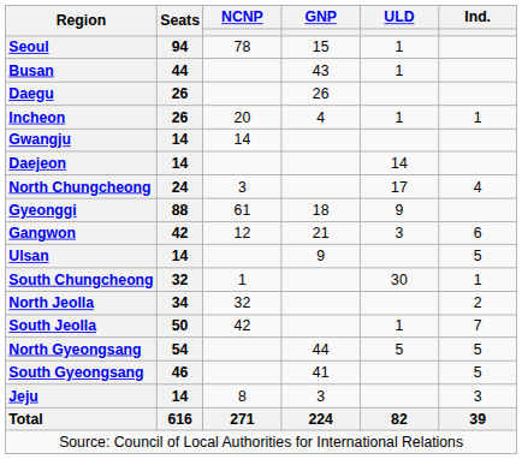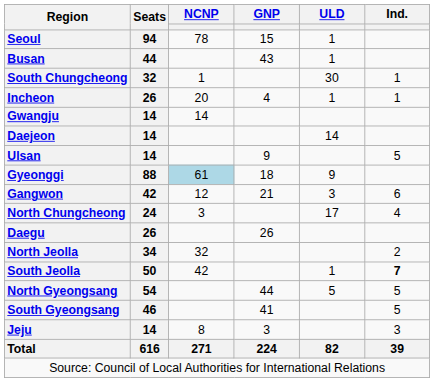 <table class="wikitable" style="text-align:center; font-size: 0.9em;">
 <tr>
 <th rowspan="2">Region</th>
 <th rowspan="2">Seats</th>
 <th class="unsortable" style="width:70px;"><a href='#'>NCNP</a></th>
 <th class="unsortable" style="width:70px;"><a href='#'>GNP</a></th>
 <th class="unsortable" style="width:70px;"><a href='#'>ULD</a></th>
 <th class="unsortable" style="width:70px;">Ind.</th>
 </tr>
 <tr>
 <th style="background:"></th>
 <th style="background:"></th>
 <th style="background:"></th>
 <th style="background:"></th>
 </tr>
 <tr>
 <th style="text-align: left;"><a href='#'>Seoul</a></th>
 <th>94</th>
 <td>78</td>
 <td>15</td>
 <td>1</td>
 <td></td>
 </tr>
 <tr>
 <th style="text-align: left;"><a href='#'>Busan</a></th>
 <th>44</th>
 <td></td>
 <td>43</td>
 <td>1</td>
 <td></td>
 </tr>
 <tr>
-<th style="text-align: left;"><a href='#'>Daegu</a></th>
-<th>26</th>
+<th style="text-align: left;"><a href='#'>South Chungcheong</a></th>
+<th>32</th>
+<td>1</td>
 <td></td>
-<td>26</td>
-<td></td>
-<td></td>
+<td>30</td>
+<td>1</td>
 </tr>
 <tr>
 <th style="text-align: left;"><a href='#'>Incheon</a></th>
 <th>26</th>
 <td>20</td>
 <td>4</td>
 <td>1</td>
 <td>1</td>
 </tr>
 <tr>
 <th style="text-align: left;"><a href='#'>Gwangju</a></th>
 <th>14</th>
 <td>14</td>
 <td></td>
 <td></td>
 <td></td>
 </tr>
 <tr>
 <th style="text-align: left;"><a href='#'>Daejeon</a></th>
 <th>14</th>
 <td></td>
 <td></td>
 <td>14</td>
 <td></td>
 </tr>
 <tr>
-<th style="text-align: left;"><a href='#'>North Chungcheong</a></th>
-<th>24</th>
-<td>3</td>
+<th style="text-align: left;"><a href='#'>Ulsan</a></th>
+<th>14</th>
 <td></td>
-<td>17</td>
-<td>4</td>
+<td>9</td>
+<td></td>
+<td>5</td>
 </tr>
 <tr>
 <th style="text-align: left;"><a href='#'>Gyeonggi</a></th>
 <th>88</th>
-<td>61</td>
+<td style="background: lightblue;">61</td>
 <td>18</td>
 <td>9</td>
 <td></td>
 </tr>
 <tr>
 <th style="text-align: left;"><a href='#'>Gangwon</a></th>
 <th>42</th>
 <td>12</td>
 <td>21</td>
 <td>3</td>
 <td>6</td>
 </tr>
 <tr>
-<th style="text-align: left;"><a href='#'>Ulsan</a></th>
-<th>14</th>
+<th style="text-align: left;"><a href='#'>North Chungcheong</a></th>
+<th>24</th>
+<td>3</td>
 <td></td>
-<td>9</td>
-<td></td>
-<td>5</td>
+<td>17</td>
+<td>4</td>
 </tr>
 <tr>
-<th style="text-align: left;"><a href='#'>South Chungcheong</a></th>
-<th>32</th>
-<td>1</td>
+<th style="text-align: left;"><a href='#'>Daegu</a></th>
+<th>26</th>
 <td></td>
-<td>30</td>
-<td>1</td>
+<td>26</td>
+<td></td>
+<td></td>
 </tr>
 <tr>
 <th style="text-align: left;"><a href='#'>North Jeolla</a></th>
 <th>34</th>
 <td>32</td>
 <td></td>
 <td></td>
 <td>2</td>
 </tr>
 <tr>
 <th style="text-align: left;"><a href='#'>South Jeolla</a></th>
 <th>50</th>
 <td>42</td>
 <td></td>
 <td>1</td>
-<td>7</td>
+<td><strong>7</strong></td>
 </tr>
 <tr>
 <th style="text-align: left;"><a href='#'>North Gyeongsang</a></th>
 <th>54</th>
 <td></td>
 <td>44</td>
 <td>5</td>
 <td>5</td>
 </tr>
 <tr>
 <th style="text-align: left;"><a href='#'>South Gyeongsang</a></th>
 <th>46</th>
 <td></td>
 <td>41</td>
 <td></td>
 <td>5</td>
 </tr>
 <tr>
 <th style="text-align: left;"><a href='#'>Jeju</a></th>
 <th>14</th>
 <td>8</td>
 <td>3</td>
 <td></td>
 <td>3</td>
 </tr>
 <tr class="sortbottom">
 <th style="text-align: left;">Total</th>
 <th>616</th>
 <th>271</th>
 <th>224</th>
 <th>82</th>
 <th>39</th>
 </tr>
 <tr>
 <td colspan="6">Source: Council of Local Authorities for International Relations</td>
 </tr>
 </table>
